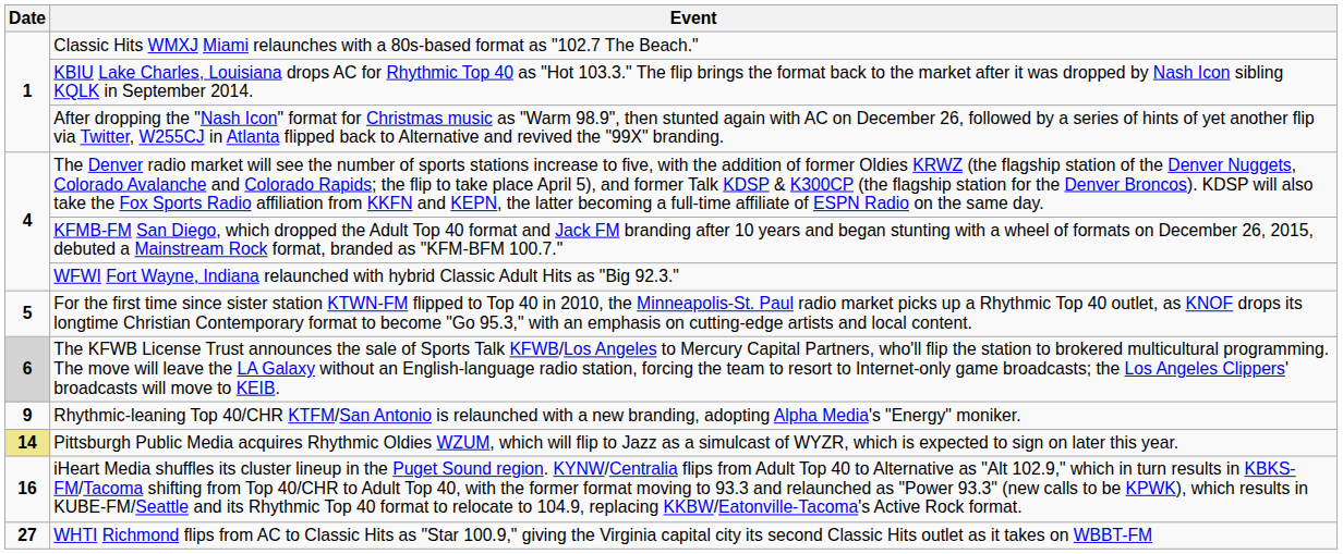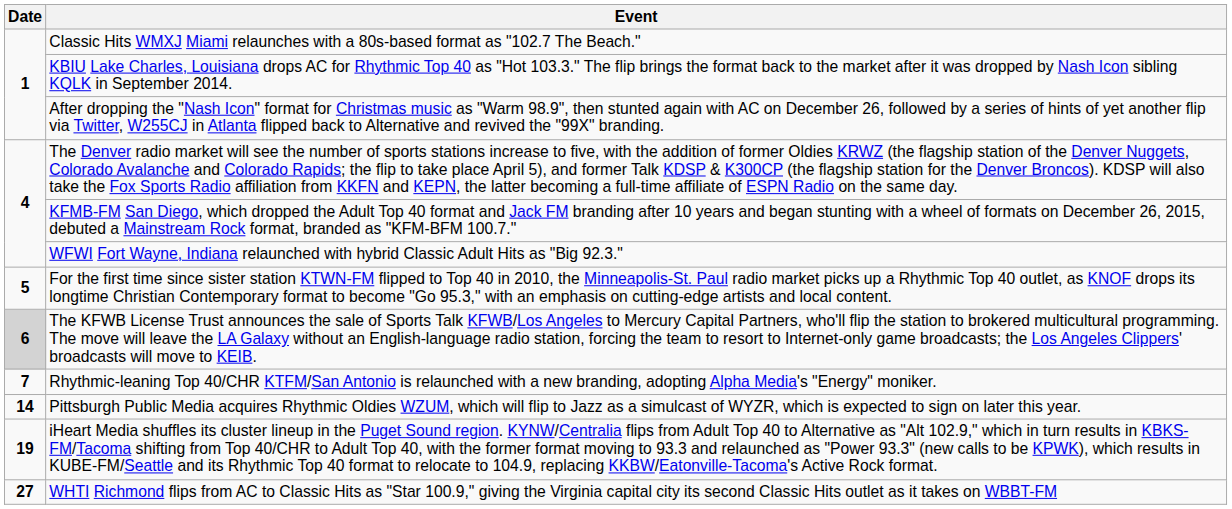 <table class="wikitable">
 <tr>
 <th>Date</th>
 <th>Event</th>
 </tr>
 <tr>
 <td style="text-align:center;" rowspan=3><strong>1</strong></td>
 <td>Classic Hits <a href='#'>WMXJ</a> <a href='#'>Miami</a> relaunches with a 80s-based format as "102.7 The Beach."</td>
 </tr>
 <tr>
 <td><a href='#'>KBIU</a> <a href='#'>Lake Charles, Louisiana</a> drops AC for <a href='#'>Rhythmic Top 40</a> as "Hot 103.3." The flip brings the format back to the market after it was dropped by <a href='#'>Nash Icon</a> sibling <a href='#'>KQLK</a> in September 2014.</td>
 </tr>
 <tr>
 <td>After dropping the "<a href='#'>Nash Icon</a>" format for <a href='#'>Christmas music</a> as "Warm 98.9", then stunted again with AC on December 26, followed by a series of hints of yet another flip via <a href='#'>Twitter</a>, <a href='#'>W255CJ</a> in <a href='#'>Atlanta</a> flipped back to Alternative and revived the "99X" branding.</td>
 </tr>
 <tr>
 <td style="text-align:center;" rowspan=3><strong>4</strong></td>
 <td>The <a href='#'>Denver</a> radio market will see the number of sports stations increase to five, with the addition of former Oldies <a href='#'>KRWZ</a> (the flagship station of the <a href='#'>Denver Nuggets</a>, <a href='#'>Colorado Avalanche</a> and <a href='#'>Colorado Rapids</a>; the flip to take place April 5), and former Talk <a href='#'>KDSP</a> & <a href='#'>K300CP</a> (the flagship station for the <a href='#'>Denver Broncos</a>). KDSP will also take the <a href='#'>Fox Sports Radio</a> affiliation from <a href='#'>KKFN</a> and <a href='#'>KEPN</a>, the latter becoming a full-time affiliate of <a href='#'>ESPN Radio</a> on the same day.</td>
 </tr>
 <tr>
 <td><a href='#'>KFMB-FM</a> <a href='#'>San Diego</a>, which dropped the Adult Top 40 format and <a href='#'>Jack FM</a> branding after 10 years and began stunting with a wheel of formats on December 26, 2015, debuted a <a href='#'>Mainstream Rock</a> format, branded as "KFM-BFM 100.7."</td>
 </tr>
 <tr>
 <td><a href='#'>WFWI</a> <a href='#'>Fort Wayne, Indiana</a> relaunched with hybrid Classic Adult Hits as "Big 92.3."</td>
 </tr>
 <tr>
 <td style="text-align:center;"><strong>5</strong></td>
 <td>For the first time since sister station <a href='#'>KTWN-FM</a> flipped to Top 40 in 2010, the <a href='#'>Minneapolis-St. Paul</a> radio market picks up a Rhythmic Top 40 outlet, as <a href='#'>KNOF</a> drops its longtime Christian Contemporary format to become "Go 95.3," with an emphasis on cutting-edge artists and local content.</td>
 </tr>
 <tr>
 <td style="background: lightgrey; text-align:center;"><strong>6</strong></td>
 <td>The KFWB License Trust announces the sale of Sports Talk <a href='#'>KFWB</a>/<a href='#'>Los Angeles</a> to Mercury Capital Partners, who'll flip the station to brokered multicultural programming. The move will leave the <a href='#'>LA Galaxy</a> without an English-language radio station, forcing the team to resort to Internet-only game broadcasts; the <a href='#'>Los Angeles Clippers</a>' broadcasts will move to <a href='#'>KEIB</a>.</td>
 </tr>
 <tr>
-<td style="text-align:center;"><strong>9</strong></td>
+<td style="text-align:center;"><strong>7</strong></td>
 <td>Rhythmic-leaning Top 40/CHR <a href='#'>KTFM</a>/<a href='#'>San Antonio</a> is relaunched with a new branding, adopting <a href='#'>Alpha Media</a>'s "Energy" moniker.</td>
 </tr>
 <tr>
-<td style="background: khaki; text-align:center;"><strong>14</strong></td>
+<td style="text-align:center;"><strong>14</strong></td>
 <td>Pittsburgh Public Media acquires Rhythmic Oldies <a href='#'>WZUM</a>, which will flip to Jazz as a simulcast of WYZR, which is expected to sign on later this year.</td>
 </tr>
 <tr>
-<td style="text-align:center;"><strong>16</strong></td>
+<td style="text-align:center;"><strong>19</strong></td>
 <td>iHeart Media shuffles its cluster lineup in the <a href='#'>Puget Sound region</a>. <a href='#'>KYNW</a>/<a href='#'>Centralia</a> flips from Adult Top 40 to Alternative as "Alt 102.9," which in turn results in <a href='#'>KBKS-FM</a>/<a href='#'>Tacoma</a> shifting from Top 40/CHR to Adult Top 40, with the former format moving to 93.3 and relaunched as "Power 93.3" (new calls to be <a href='#'>KPWK</a>), which results in KUBE-FM/<a href='#'>Seattle</a> and its Rhythmic Top 40 format to relocate to 104.9, replacing <a href='#'>KKBW</a>/<a href='#'>Eatonville-Tacoma</a>'s Active Rock format.</td>
 </tr>
 <tr>
 <td style="text-align:center;"><strong>27</strong></td>
 <td><a href='#'>WHTI</a> <a href='#'>Richmond</a> flips from AC to Classic Hits as "Star 100.9," giving the Virginia capital city its second Classic Hits outlet as it takes on <a href='#'>WBBT-FM</a></td>
 </tr>
 </table>
